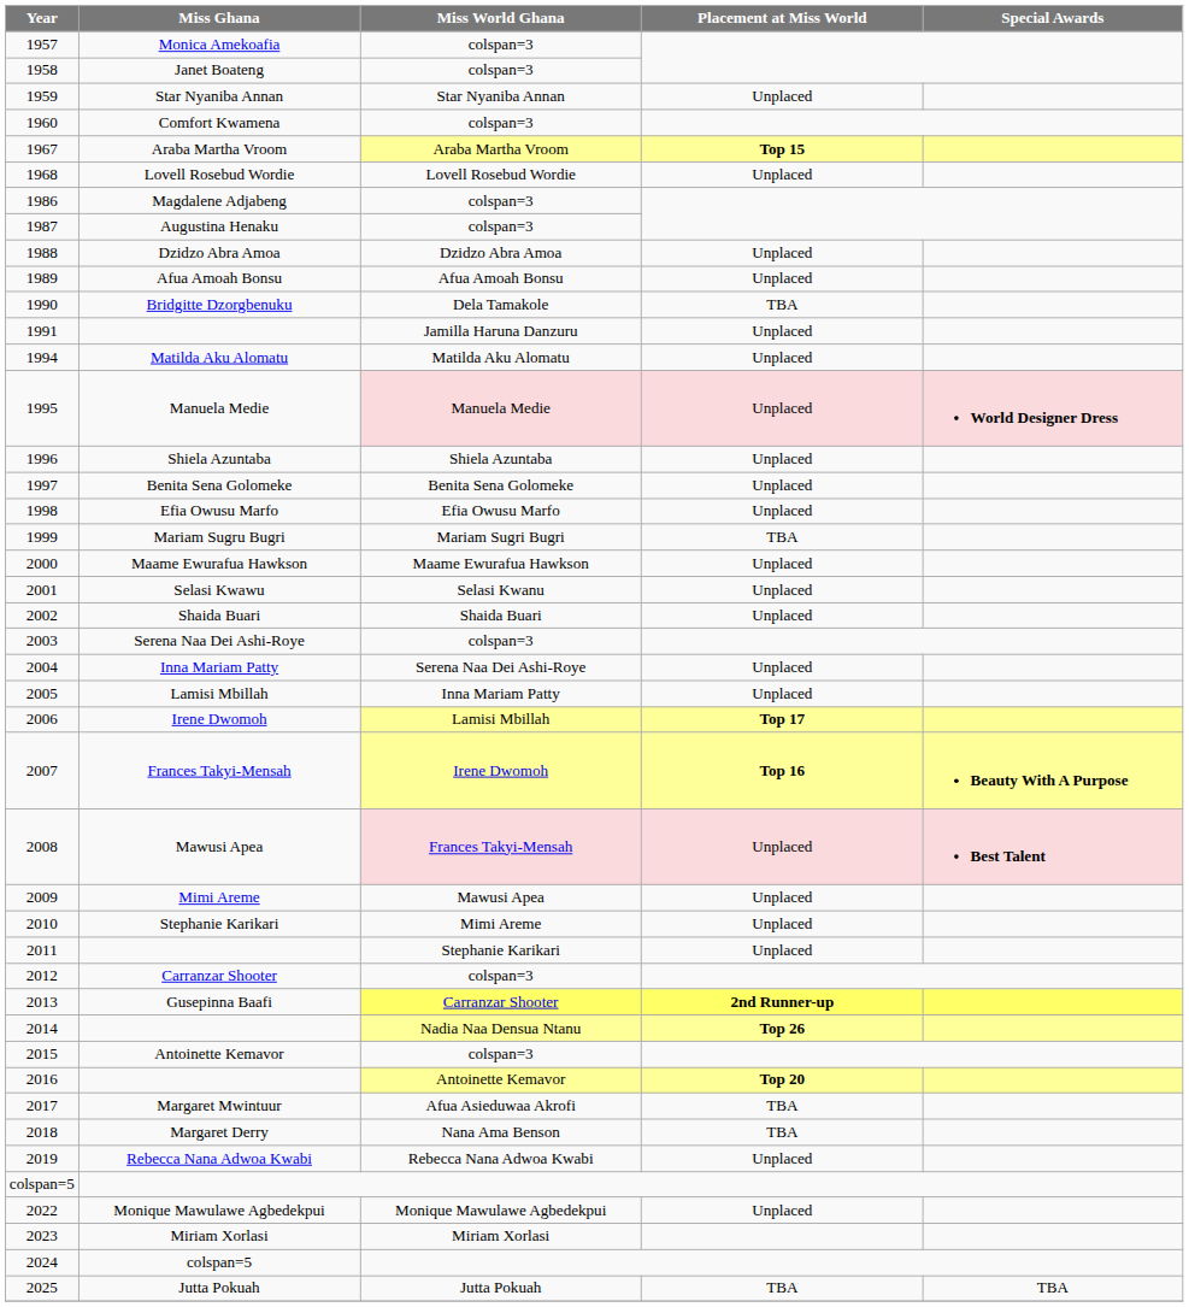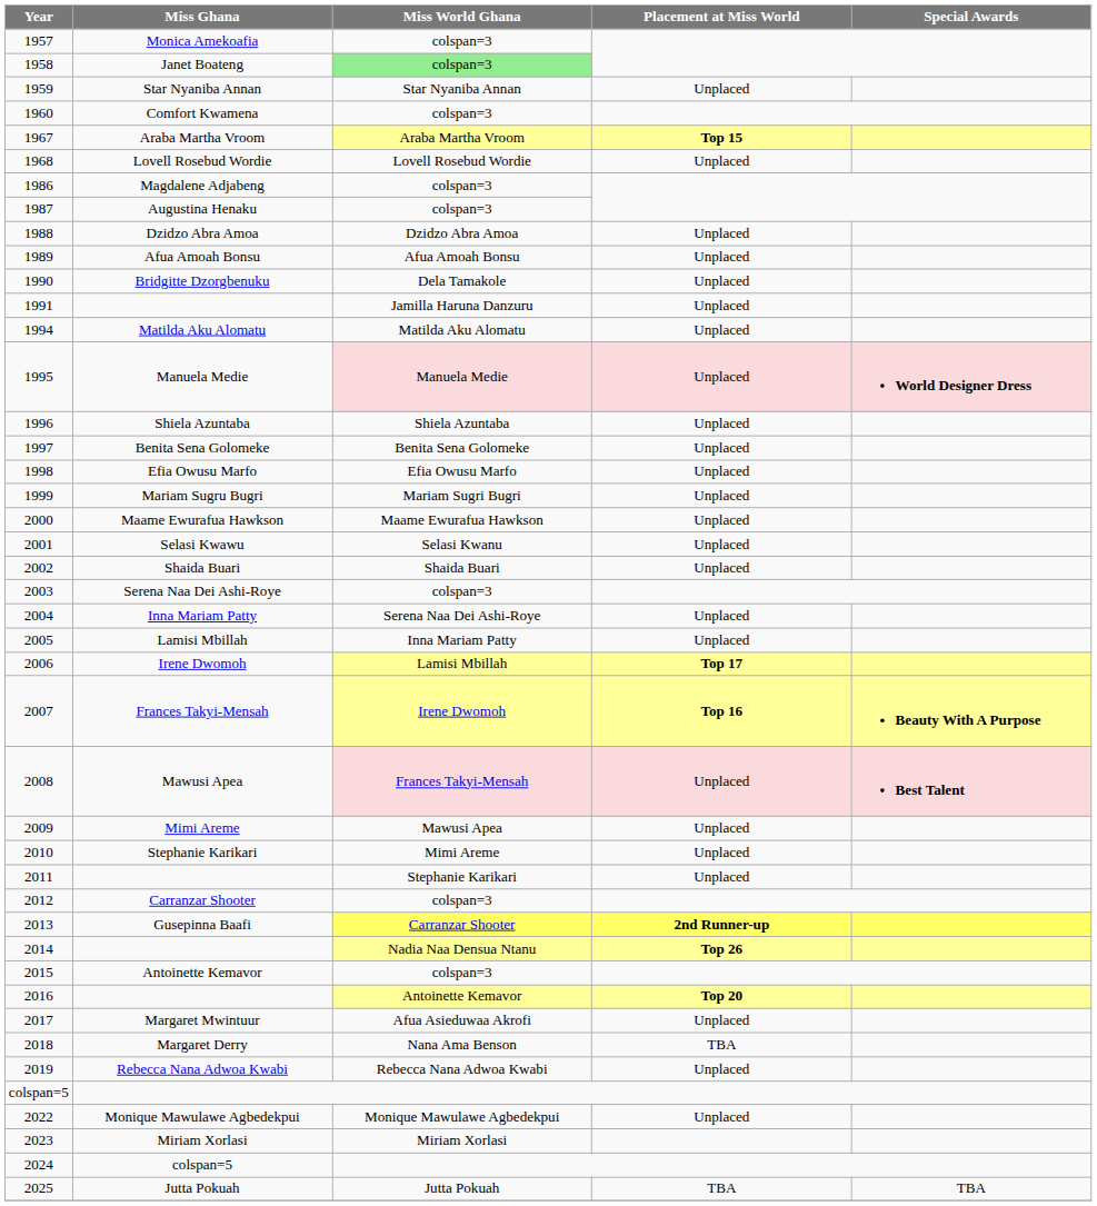 <table class="wikitable" style="font-size: 90%; text-align:center">
 <tr>
 <th width="60" style="background-color:#787878;color:#FFFFFF;">Year</th>
 <th width="250" style="background-color:#787878;color:#FFFFFF;">Miss Ghana</th>
 <th width="250" style="background-color:#787878;color:#FFFFFF;">Miss World Ghana</th>
 <th width="250" style="background-color:#787878;color:#FFFFFF;">Placement at Miss World</th>
 <th width="230" style="background-color:#787878;color:#FFFFFF;">Special Awards</th>
 </tr>
 <tr>
 <td>1957</td>
 <td><a href='#'>Monica Amekoafia</a></td>
 <td>colspan=3 </td>
 </tr>
 <tr>
 <td>1958</td>
 <td>Janet Boateng</td>
-<td>colspan=3 </td>
+<td style="background: lightgreen;">colspan=3 </td>
 </tr>
 <tr>
 <td>1959</td>
 <td>Star Nyaniba Annan</td>
 <td>Star Nyaniba Annan</td>
 <td>Unplaced</td>
 <td></td>
 </tr>
 <tr>
 <td>1960</td>
 <td>Comfort Kwamena</td>
 <td>colspan=3 </td>
 </tr>
 <tr>
 <td>1967</td>
 <td>Araba Martha Vroom</td>
 <td style="background:#FFFF99;">Araba Martha Vroom</td>
 <td style="background:#FFFF99;"><strong>Top 15</strong></td>
 <td style="background:#FFFF99;"></td>
 </tr>
 <tr>
 <td>1968</td>
 <td>Lovell Rosebud Wordie</td>
 <td>Lovell Rosebud Wordie</td>
 <td>Unplaced</td>
 <td></td>
 </tr>
 <tr>
 <td>1986</td>
 <td>Magdalene Adjabeng</td>
 <td>colspan=3 </td>
 </tr>
 <tr>
 <td>1987</td>
 <td>Augustina Henaku</td>
 <td>colspan=3 </td>
 </tr>
 <tr>
 <td>1988</td>
 <td>Dzidzo Abra Amoa</td>
 <td>Dzidzo Abra Amoa</td>
 <td>Unplaced</td>
 <td></td>
 </tr>
 <tr>
 <td>1989</td>
 <td>Afua Amoah Bonsu</td>
 <td>Afua Amoah Bonsu</td>
 <td>Unplaced</td>
 <td></td>
 </tr>
 <tr>
 <td>1990</td>
 <td><a href='#'>Bridgitte Dzorgbenuku</a></td>
 <td>Dela Tamakole</td>
-<td>TBA</td>
+<td>Unplaced</td>
 <td></td>
 </tr>
 <tr>
 <td>1991</td>
 <td></td>
 <td>Jamilla Haruna Danzuru</td>
 <td>Unplaced</td>
 <td></td>
 </tr>
 <tr>
 <td>1994</td>
 <td><a href='#'>Matilda Aku Alomatu</a></td>
 <td>Matilda Aku Alomatu</td>
 <td>Unplaced</td>
 <td></td>
 </tr>
 <tr>
 <td>1995</td>
 <td>Manuela Medie</td>
 <td style="background:#FADADD;">Manuela Medie</td>
 <td style="background:#FADADD;">Unplaced</td>
 <td style="background:#FADADD;" align="left"><br><ul><li><strong>World Designer Dress</strong></li></ul></td>
 </tr>
 <tr>
 <td>1996</td>
 <td>Shiela Azuntaba</td>
 <td>Shiela Azuntaba</td>
 <td>Unplaced</td>
 <td></td>
 </tr>
 <tr>
 <td>1997</td>
 <td>Benita Sena Golomeke</td>
 <td>Benita Sena Golomeke</td>
 <td>Unplaced</td>
 <td></td>
 </tr>
 <tr>
 <td>1998</td>
 <td>Efia Owusu Marfo</td>
 <td>Efia Owusu Marfo</td>
 <td>Unplaced</td>
 <td></td>
 </tr>
 <tr>
 <td>1999</td>
 <td>Mariam Sugru Bugri</td>
 <td>Mariam Sugri Bugri</td>
-<td>TBA</td>
+<td>Unplaced</td>
 <td></td>
 </tr>
 <tr>
 <td>2000</td>
 <td>Maame Ewurafua Hawkson</td>
 <td>Maame Ewurafua Hawkson</td>
 <td>Unplaced</td>
 <td></td>
 </tr>
 <tr>
 <td>2001</td>
 <td>Selasi Kwawu</td>
 <td>Selasi Kwanu</td>
 <td>Unplaced</td>
 <td></td>
 </tr>
 <tr>
 <td>2002</td>
 <td>Shaida Buari</td>
 <td>Shaida Buari</td>
 <td>Unplaced</td>
 <td></td>
 </tr>
 <tr>
 <td>2003</td>
 <td>Serena Naa Dei Ashi-Roye</td>
 <td>colspan=3 </td>
 </tr>
 <tr>
 <td>2004</td>
 <td><a href='#'>Inna Mariam Patty</a></td>
 <td>Serena Naa Dei Ashi-Roye</td>
 <td>Unplaced</td>
 <td></td>
 </tr>
 <tr>
 <td>2005</td>
 <td>Lamisi Mbillah</td>
 <td>Inna Mariam Patty</td>
 <td>Unplaced</td>
 <td></td>
 </tr>
 <tr>
 <td>2006</td>
 <td><a href='#'>Irene Dwomoh</a></td>
 <td style="background:#FFFF99;">Lamisi Mbillah</td>
 <td style="background:#FFFF99;"><strong>Top 17</strong></td>
 <td style="background:#FFFF99;"></td>
 </tr>
 <tr>
 <td>2007</td>
 <td><a href='#'>Frances Takyi-Mensah</a></td>
 <td style="background:#FFFF99;"><a href='#'>Irene Dwomoh</a></td>
 <td style="background:#FFFF99;"><strong>Top 16</strong></td>
 <td style="background:#FFFF99;" align="left"><br><ul><li><strong>Beauty With A Purpose</strong></li></ul></td>
 </tr>
 <tr>
 <td>2008</td>
 <td>Mawusi Apea</td>
 <td style="background:#FADADD;"><a href='#'>Frances Takyi-Mensah</a></td>
 <td style="background:#FADADD;">Unplaced</td>
 <td style="background:#FADADD;" align="left"><br><ul><li><strong>Best Talent</strong></li></ul></td>
 </tr>
 <tr>
 <td>2009</td>
 <td><a href='#'>Mimi Areme</a></td>
 <td>Mawusi Apea</td>
 <td>Unplaced</td>
 <td></td>
 </tr>
 <tr>
 <td>2010</td>
 <td>Stephanie Karikari</td>
 <td>Mimi Areme</td>
 <td>Unplaced</td>
 <td></td>
 </tr>
 <tr>
 <td>2011</td>
 <td></td>
 <td>Stephanie Karikari</td>
 <td>Unplaced</td>
 <td></td>
 </tr>
 <tr>
 <td>2012</td>
 <td><a href='#'>Carranzar Shooter</a></td>
 <td>colspan=3 </td>
 </tr>
 <tr>
 <td>2013</td>
 <td>Gusepinna Baafi</td>
 <td style="background:#FFFF66;"><a href='#'>Carranzar Shooter</a></td>
 <td style="background:#FFFF66;"><strong>2nd Runner-up</strong></td>
 <td style="background:#FFFF66;"></td>
 </tr>
 <tr>
 <td>2014</td>
 <td></td>
 <td style="background:#FFFF99;">Nadia Naa Densua Ntanu</td>
 <td style="background:#FFFF99;"><strong>Top 26</strong></td>
 <td style="background:#FFFF99;"></td>
 </tr>
 <tr>
 <td>2015</td>
 <td>Antoinette Kemavor</td>
 <td>colspan=3 </td>
 </tr>
 <tr>
 <td>2016</td>
 <td></td>
 <td style="background:#FFFF99;">Antoinette Kemavor</td>
 <td style="background:#FFFF99;"><strong>Top 20</strong></td>
 <td style="background:#FFFF99;"></td>
 </tr>
 <tr>
 <td>2017</td>
 <td>Margaret Mwintuur</td>
 <td>Afua Asieduwaa Akrofi</td>
-<td>TBA</td>
+<td>Unplaced</td>
 <td></td>
 </tr>
 <tr>
 <td>2018</td>
 <td>Margaret Derry</td>
 <td>Nana Ama Benson</td>
 <td>TBA</td>
 <td></td>
 </tr>
 <tr>
 <td>2019</td>
 <td><a href='#'>Rebecca Nana Adwoa Kwabi</a></td>
 <td>Rebecca Nana Adwoa Kwabi</td>
 <td>Unplaced</td>
 <td></td>
 </tr>
 <tr>
 <td>colspan=5 </td>
 </tr>
 <tr>
 <td>2022</td>
 <td>Monique Mawulawe Agbedekpui</td>
 <td>Monique Mawulawe Agbedekpui</td>
 <td>Unplaced</td>
 <td></td>
 </tr>
 <tr>
 <td>2023</td>
 <td>Miriam Xorlasi</td>
 <td>Miriam Xorlasi</td>
 <td></td>
 <td></td>
 </tr>
 <tr>
 <td>2024</td>
 <td>colspan=5 </td>
 </tr>
 <tr>
 <td>2025</td>
 <td>Jutta Pokuah</td>
 <td>Jutta Pokuah</td>
 <td>TBA</td>
 <td>TBA</td>
 </tr>
 <tr>
 </tr>
 </table>
